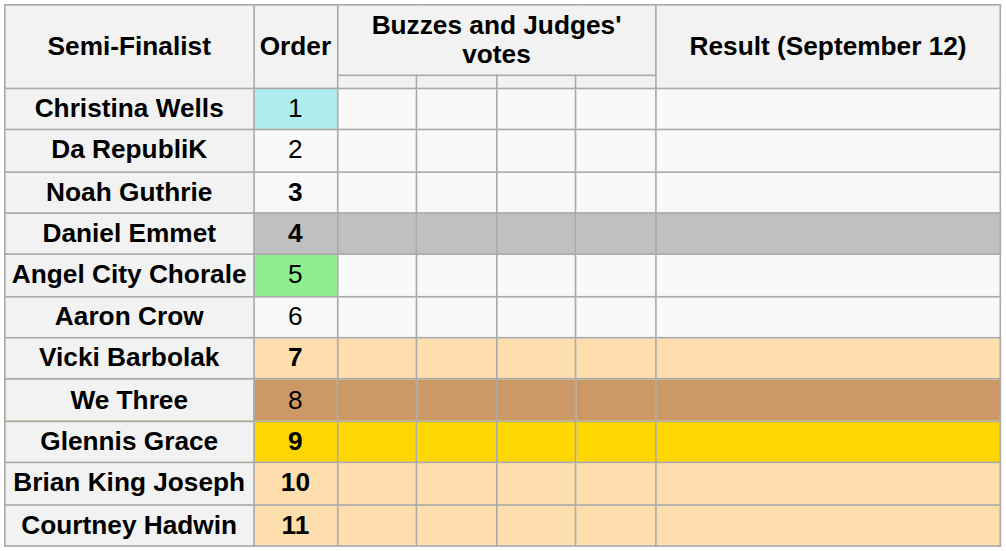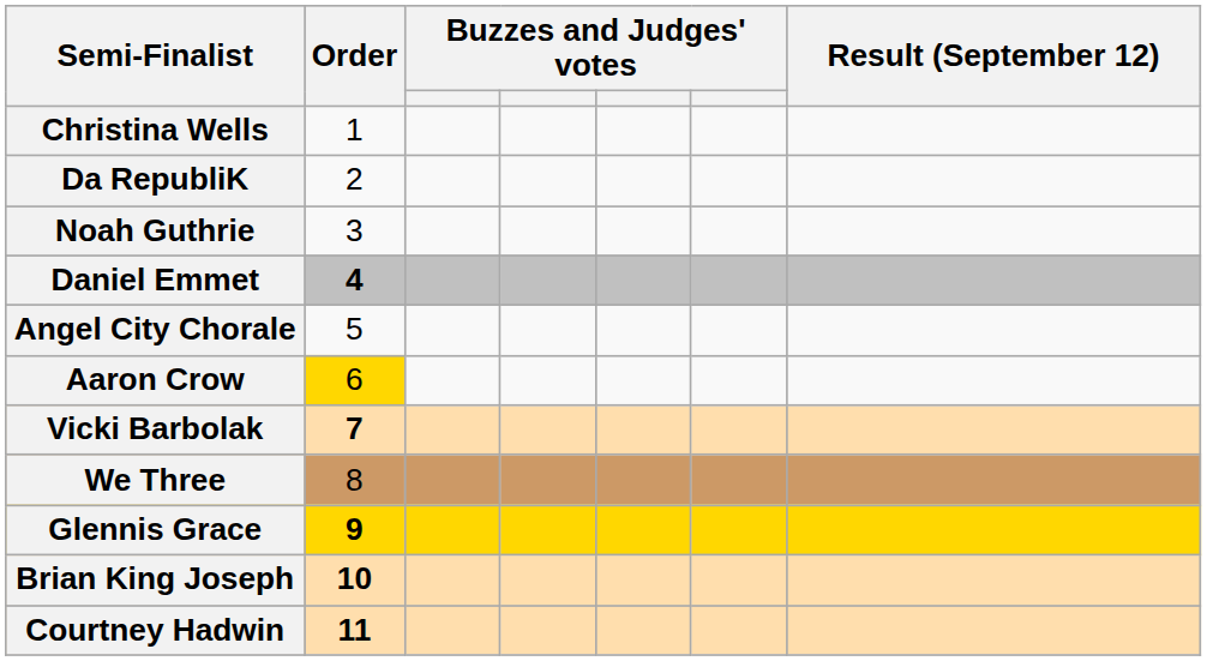 <table class="wikitable plainrowheaders sortable" style="text-align:center;">
 <tr>
 <th scope="col" rowspan="2" class="unsortable" style="width:17em;">Semi-Finalist</th>
 <th scope="col" rowspan="2" style="width:1em;">Order</th>
 <th scope="col" colspan="4" class="unsortable" style="width:24em;">Buzzes and Judges' votes</th>
 <th scope="col" rowspan="2" style="width:25em;">Result (September 12)</th>
 </tr>
 <tr>
 <th scope="col" class="unsortable" style="width:6em;"></th>
 <th scope="col" class="unsortable" style="width:6em;"></th>
 <th scope="col" class="unsortable" style="width:6em;"></th>
 <th scope="col" class="unsortable" style="width:6em;"></th>
 </tr>
 <tr>
 <th scope="row">Christina Wells</th>
-<td style="background: paleturquoise;">1</td>
+<td>1</td>
 <td style="text-align:center;"></td>
 <td style="text-align:center;"></td>
 <td style="text-align:center;"></td>
 <td style="text-align:center;"></td>
 <td></td>
 </tr>
 <tr>
 <th scope="row">Da RepubliK</th>
 <td>2</td>
 <td style="text-align:center;"></td>
 <td style="text-align:center;"></td>
 <td style="text-align:center;"></td>
 <td style="text-align:center;"></td>
 <td></td>
 </tr>
 <tr>
 <th scope="row">Noah Guthrie</th>
-<td><strong>3</strong></td>
+<td>3</td>
 <td style="text-align:center;"></td>
 <td style="text-align:center;"></td>
 <td style="text-align:center;"></td>
 <td style="text-align:center;"></td>
 <td></td>
 </tr>
 <tr style="background:silver">
 <th scope="row"><strong>Daniel Emmet</strong></th>
 <td><strong>4</strong></td>
 <td style="text-align:center;"></td>
 <td style="text-align:center;"></td>
 <td style="text-align:center;"></td>
 <td style="text-align:center;"></td>
 <td><strong></strong></td>
 </tr>
 <tr>
 <th scope="row">Angel City Chorale</th>
-<td style="background: lightgreen;">5</td>
+<td>5</td>
 <td style="text-align:center;"></td>
 <td style="text-align:center;"></td>
 <td style="text-align:center;"></td>
 <td style="text-align:center;"></td>
 <td></td>
 </tr>
 <tr>
 <th scope="row">Aaron Crow</th>
-<td>6</td>
+<td style="background: gold;">6</td>
 <td style="text-align:center;"></td>
 <td style="text-align:center;"></td>
 <td style="text-align:center;"></td>
 <td style="text-align:center;"></td>
 <td></td>
 </tr>
 <tr style="background:NavajoWhite">
 <th scope="row"><strong>Vicki Barbolak</strong></th>
 <td><strong>7</strong></td>
 <td style="text-align:center;"></td>
 <td style="text-align:center;"></td>
 <td style="text-align:center;"></td>
 <td style="text-align:center;"></td>
 <td><strong></strong></td>
 </tr>
 <tr style="background:#c96">
 <th scope="row">We Three</th>
 <td>8</td>
 <td style="text-align:center;"></td>
 <td style="text-align:center;"></td>
 <td style="text-align:center;"></td>
 <td style="text-align:center;"></td>
 <td></td>
 </tr>
 <tr style="background:gold">
 <th scope="row"><strong>Glennis Grace</strong></th>
 <td><strong>9</strong></td>
 <td style="text-align:center;"></td>
 <td style="text-align:center;"></td>
 <td style="text-align:center;"></td>
 <td style="text-align:center;"></td>
 <td><strong></strong></td>
 </tr>
 <tr style="background:NavajoWhite">
 <th scope="row"><strong>Brian King Joseph</strong></th>
 <td><strong>10</strong></td>
 <td style="text-align:center;"></td>
 <td style="text-align:center;"></td>
 <td style="text-align:center;"></td>
 <td style="text-align:center;"></td>
 <td><strong></strong></td>
 </tr>
 <tr style="background:NavajoWhite">
 <th scope="row"><strong>Courtney Hadwin</strong></th>
 <td><strong>11</strong></td>
 <td style="text-align:center;"></td>
 <td style="text-align:center;"></td>
 <td style="text-align:center;"></td>
 <td style="text-align:center;"></td>
 <td><strong></strong></td>
 </tr>
 </table>
